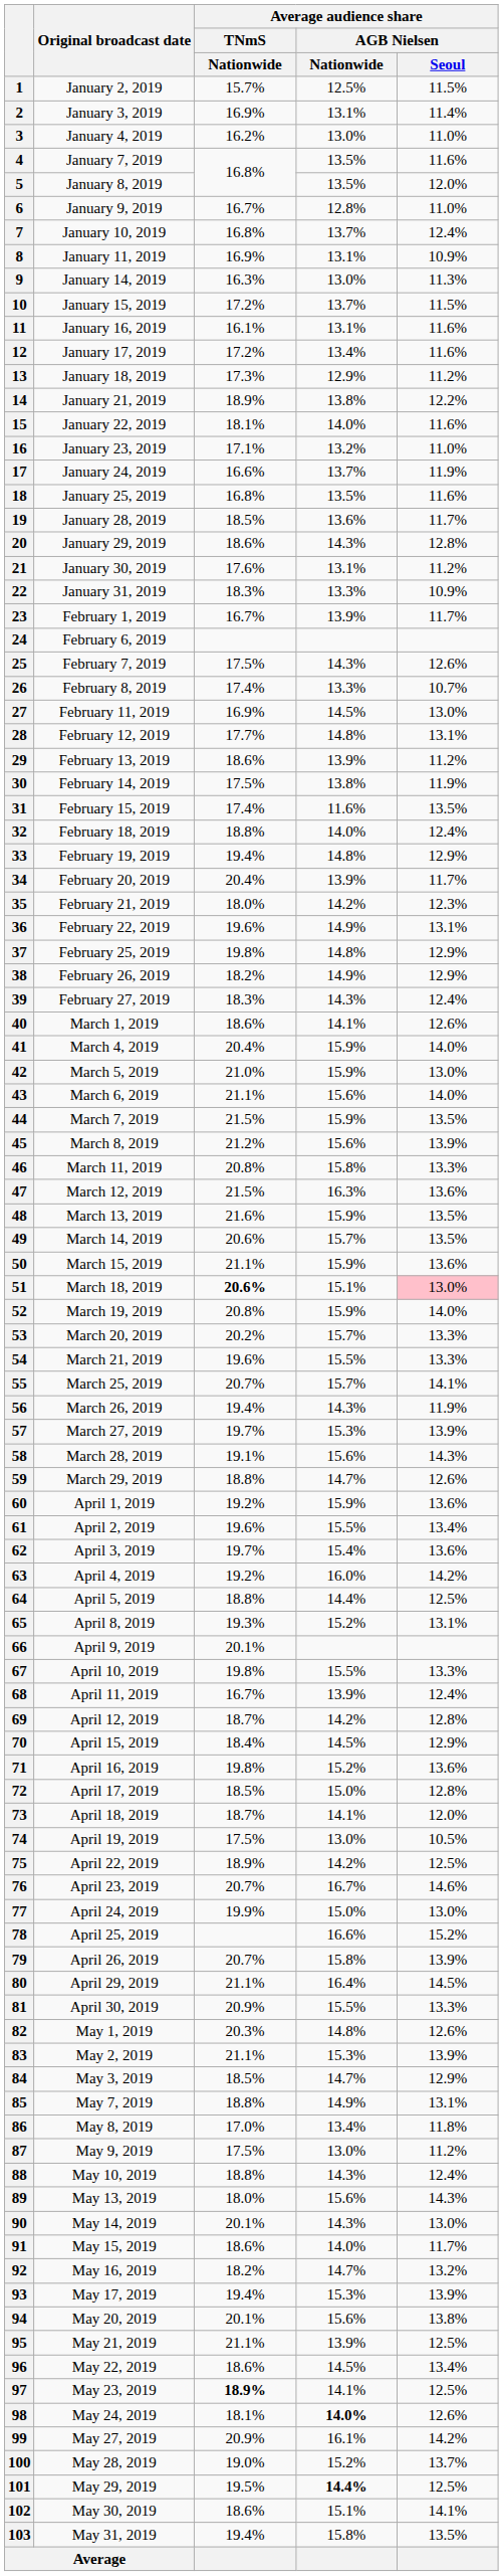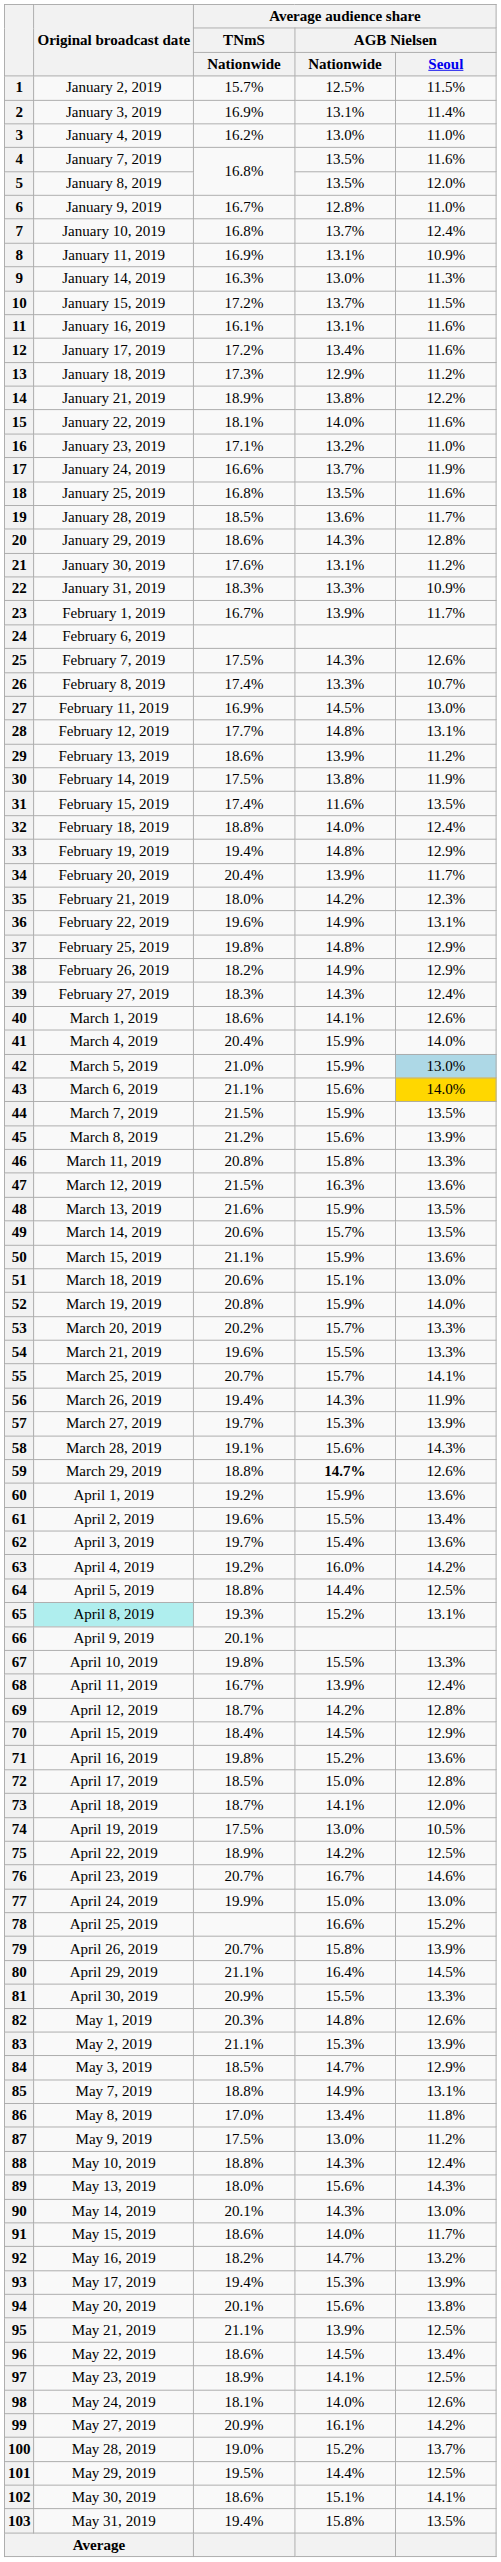 <table class="wikitable" style="text-align:center">
 <tr>
 <th rowspan="3"></th>
 <th rowspan="3">Original broadcast date</th>
 <th colspan="3">Average audience share</th>
 </tr>
 <tr>
 <th>TNmS</th>
 <th colspan="2">AGB Nielsen</th>
 </tr>
 <tr>
 <th width=100>Nationwide</th>
 <th width=100>Nationwide</th>
 <th width=100><a href='#'>Seoul</a></th>
 </tr>
 <tr>
 <th>1</th>
 <td>January 2, 2019</td>
 <td>15.7%</td>
 <td>12.5% </td>
 <td>11.5% </td>
 </tr>
 <tr>
 <th>2</th>
 <td>January 3, 2019</td>
 <td>16.9%</td>
 <td>13.1% </td>
 <td>11.4% </td>
 </tr>
 <tr>
 <th>3</th>
 <td>January 4, 2019</td>
 <td>16.2%</td>
 <td>13.0% </td>
 <td>11.0% </td>
 </tr>
 <tr>
 <th>4</th>
 <td>January 7, 2019</td>
 <td rowspan=2>16.8%</td>
 <td>13.5% </td>
 <td>11.6% </td>
 </tr>
 <tr>
 <th>5</th>
 <td>January 8, 2019</td>
 <td>13.5% </td>
 <td>12.0% </td>
 </tr>
 <tr>
 <th>6</th>
 <td>January 9, 2019</td>
 <td>16.7%</td>
 <td>12.8% </td>
 <td>11.0% </td>
 </tr>
 <tr>
 <th>7</th>
 <td>January 10, 2019</td>
 <td>16.8%</td>
 <td>13.7% </td>
 <td>12.4% </td>
 </tr>
 <tr>
 <th>8</th>
 <td>January 11, 2019</td>
 <td>16.9%</td>
 <td>13.1% </td>
 <td>10.9% </td>
 </tr>
 <tr>
 <th>9</th>
 <td>January 14, 2019</td>
 <td>16.3%</td>
 <td>13.0% </td>
 <td>11.3% </td>
 </tr>
 <tr>
 <th>10</th>
 <td>January 15, 2019</td>
 <td>17.2%</td>
 <td>13.7% </td>
 <td>11.5% </td>
 </tr>
 <tr>
 <th>11</th>
 <td>January 16, 2019</td>
 <td>16.1%</td>
 <td>13.1% </td>
 <td>11.6% </td>
 </tr>
 <tr>
 <th>12</th>
 <td>January 17, 2019</td>
 <td>17.2%</td>
 <td>13.4% </td>
 <td>11.6% </td>
 </tr>
 <tr>
 <th>13</th>
 <td>January 18, 2019</td>
 <td>17.3%</td>
 <td>12.9% </td>
 <td>11.2% </td>
 </tr>
 <tr>
 <th>14</th>
 <td>January 21, 2019</td>
 <td>18.9%</td>
 <td>13.8% </td>
 <td>12.2% </td>
 </tr>
 <tr>
 <th>15</th>
 <td>January 22, 2019</td>
 <td>18.1%</td>
 <td>14.0% </td>
 <td>11.6% </td>
 </tr>
 <tr>
 <th>16</th>
 <td>January 23, 2019</td>
 <td>17.1%</td>
 <td>13.2% </td>
 <td>11.0% </td>
 </tr>
 <tr>
 <th>17</th>
 <td>January 24, 2019</td>
 <td>16.6%</td>
 <td>13.7% </td>
 <td>11.9% </td>
 </tr>
 <tr>
 <th>18</th>
 <td>January 25, 2019</td>
 <td>16.8%</td>
 <td>13.5% </td>
 <td>11.6% </td>
 </tr>
 <tr>
 <th>19</th>
 <td>January 28, 2019</td>
 <td>18.5%</td>
 <td>13.6% </td>
 <td>11.7% </td>
 </tr>
 <tr>
 <th>20</th>
 <td>January 29, 2019</td>
 <td>18.6%</td>
 <td>14.3% </td>
 <td>12.8% </td>
 </tr>
 <tr>
 <th>21</th>
 <td>January 30, 2019</td>
 <td>17.6%</td>
 <td>13.1% </td>
 <td>11.2% </td>
 </tr>
 <tr>
 <th>22</th>
 <td>January 31, 2019</td>
 <td>18.3%</td>
 <td>13.3% </td>
 <td>10.9% </td>
 </tr>
 <tr>
 <th>23</th>
 <td>February 1, 2019</td>
 <td>16.7%</td>
 <td>13.9% </td>
 <td>11.7% </td>
 </tr>
 <tr>
 <th>24</th>
 <td>February 6, 2019</td>
 <td></td>
 <td> </td>
 <td> </td>
 </tr>
 <tr>
 <th>25</th>
 <td>February 7, 2019</td>
 <td>17.5%</td>
 <td>14.3% </td>
 <td>12.6% </td>
 </tr>
 <tr>
 <th>26</th>
 <td>February 8, 2019</td>
 <td>17.4%</td>
 <td>13.3% </td>
 <td>10.7% </td>
 </tr>
 <tr>
 <th>27</th>
 <td>February 11, 2019</td>
 <td>16.9%</td>
 <td>14.5% </td>
 <td>13.0% </td>
 </tr>
 <tr>
 <th>28</th>
 <td>February 12, 2019</td>
 <td>17.7%</td>
 <td>14.8% </td>
 <td>13.1% </td>
 </tr>
 <tr>
 <th>29</th>
 <td>February 13, 2019</td>
 <td>18.6%</td>
 <td>13.9% </td>
 <td>11.2% </td>
 </tr>
 <tr>
 <th>30</th>
 <td>February 14, 2019</td>
 <td>17.5%</td>
 <td>13.8% </td>
 <td>11.9% </td>
 </tr>
 <tr>
 <th>31</th>
 <td>February 15, 2019</td>
 <td>17.4%</td>
 <td>11.6% </td>
 <td>13.5% </td>
 </tr>
 <tr>
 <th>32</th>
 <td>February 18, 2019</td>
 <td>18.8%</td>
 <td>14.0% </td>
 <td>12.4% </td>
 </tr>
 <tr>
 <th>33</th>
 <td>February 19, 2019</td>
 <td>19.4%</td>
 <td>14.8% </td>
 <td>12.9% </td>
 </tr>
 <tr>
 <th>34</th>
 <td>February 20, 2019</td>
 <td>20.4%</td>
 <td>13.9% </td>
 <td>11.7% </td>
 </tr>
 <tr>
 <th>35</th>
 <td>February 21, 2019</td>
 <td>18.0%</td>
 <td>14.2% </td>
 <td>12.3% </td>
 </tr>
 <tr>
 <th>36</th>
 <td>February 22, 2019</td>
 <td>19.6%</td>
 <td>14.9% </td>
 <td>13.1% </td>
 </tr>
 <tr>
 <th>37</th>
 <td>February 25, 2019</td>
 <td>19.8%</td>
 <td>14.8% </td>
 <td>12.9% </td>
 </tr>
 <tr>
 <th>38</th>
 <td>February 26, 2019</td>
 <td>18.2%</td>
 <td>14.9% </td>
 <td>12.9% </td>
 </tr>
 <tr>
 <th>39</th>
 <td>February 27, 2019</td>
 <td>18.3%</td>
 <td>14.3% </td>
 <td>12.4% </td>
 </tr>
 <tr>
 <th>40</th>
 <td>March 1, 2019 </td>
 <td>18.6%</td>
 <td>14.1% </td>
 <td>12.6% </td>
 </tr>
 <tr>
 <th>41</th>
 <td>March 4, 2019</td>
 <td>20.4%</td>
 <td>15.9% </td>
 <td>14.0% </td>
 </tr>
 <tr>
 <th>42</th>
 <td>March 5, 2019</td>
 <td>21.0%</td>
 <td>15.9% </td>
-<td>13.0% </td>
+<td style="background: lightblue;">13.0% </td>
 </tr>
 <tr>
 <th>43</th>
 <td>March 6, 2019</td>
 <td>21.1%</td>
 <td>15.6% </td>
-<td>14.0% </td>
+<td style="background: gold;">14.0% </td>
 </tr>
 <tr>
 <th>44</th>
 <td>March 7, 2019</td>
 <td>21.5%</td>
 <td>15.9% </td>
 <td>13.5% </td>
 </tr>
 <tr>
 <th>45</th>
 <td>March 8, 2019</td>
 <td>21.2%</td>
 <td>15.6% </td>
 <td>13.9% </td>
 </tr>
 <tr>
 <th>46</th>
 <td>March 11, 2019</td>
 <td>20.8%</td>
 <td>15.8% </td>
 <td>13.3% </td>
 </tr>
 <tr>
 <th>47</th>
 <td>March 12, 2019</td>
 <td>21.5%</td>
 <td>16.3% </td>
 <td>13.6% </td>
 </tr>
 <tr>
 <th>48</th>
 <td>March 13, 2019</td>
 <td>21.6%</td>
 <td>15.9% </td>
 <td>13.5% </td>
 </tr>
 <tr>
 <th>49</th>
 <td>March 14, 2019</td>
 <td>20.6%</td>
 <td>15.7% </td>
 <td>13.5% </td>
 </tr>
 <tr>
 <th>50</th>
 <td>March 15, 2019</td>
 <td>21.1%</td>
 <td>15.9% </td>
 <td>13.6% </td>
 </tr>
 <tr>
 <th>51</th>
 <td>March 18, 2019</td>
-<td><strong>20.6%</strong></td>
+<td>20.6%</td>
 <td>15.1% </td>
-<td style="background: pink;">13.0% </td>
+<td>13.0% </td>
 </tr>
 <tr>
 <th>52</th>
 <td>March 19, 2019</td>
 <td>20.8%</td>
 <td>15.9% </td>
 <td>14.0% </td>
 </tr>
 <tr>
 <th>53</th>
 <td>March 20, 2019</td>
 <td>20.2%</td>
 <td>15.7% </td>
 <td>13.3% </td>
 </tr>
 <tr>
 <th>54</th>
 <td>March 21, 2019</td>
 <td>19.6%</td>
 <td>15.5% </td>
 <td>13.3% </td>
 </tr>
 <tr>
 <th>55</th>
 <td>March 25, 2019 </td>
 <td>20.7%</td>
 <td>15.7% </td>
 <td>14.1% </td>
 </tr>
 <tr>
 <th>56</th>
 <td>March 26, 2019</td>
 <td>19.4%</td>
 <td>14.3% </td>
 <td>11.9% </td>
 </tr>
 <tr>
 <th>57</th>
 <td>March 27, 2019</td>
 <td>19.7%</td>
 <td>15.3% </td>
 <td>13.9% </td>
 </tr>
 <tr>
 <th>58</th>
 <td>March 28, 2019</td>
 <td>19.1%</td>
 <td>15.6% </td>
 <td>14.3% </td>
 </tr>
 <tr>
 <th>59</th>
 <td>March 29, 2019</td>
 <td>18.8%</td>
-<td>14.7% </td>
+<td><strong>14.7% </strong></td>
 <td>12.6% </td>
 </tr>
 <tr>
 <th>60</th>
 <td>April 1, 2019</td>
 <td>19.2%</td>
 <td>15.9% </td>
 <td>13.6% </td>
 </tr>
 <tr>
 <th>61</th>
 <td>April 2, 2019</td>
 <td>19.6%</td>
 <td>15.5% </td>
 <td>13.4% </td>
 </tr>
 <tr>
 <th>62</th>
 <td>April 3, 2019</td>
 <td>19.7%</td>
 <td>15.4% </td>
 <td>13.6% </td>
 </tr>
 <tr>
 <th>63</th>
 <td>April 4, 2019</td>
 <td>19.2%</td>
 <td>16.0% </td>
 <td>14.2% </td>
 </tr>
 <tr>
 <th>64</th>
 <td>April 5, 2019</td>
 <td>18.8%</td>
 <td>14.4% </td>
 <td>12.5% </td>
 </tr>
 <tr>
 <th>65</th>
-<td>April 8, 2019</td>
+<td style="background: paleturquoise;">April 8, 2019</td>
 <td>19.3%</td>
 <td>15.2% </td>
 <td>13.1% </td>
 </tr>
 <tr>
 <th>66</th>
 <td>April 9, 2019</td>
 <td>20.1%</td>
 <td> </td>
 <td> </td>
 </tr>
 <tr>
 <th>67</th>
 <td>April 10, 2019</td>
 <td>19.8%</td>
 <td>15.5% </td>
 <td>13.3% </td>
 </tr>
 <tr>
 <th>68</th>
 <td>April 11, 2019</td>
 <td>16.7%</td>
 <td>13.9% </td>
 <td>12.4% </td>
 </tr>
 <tr>
 <th>69</th>
 <td>April 12, 2019</td>
 <td>18.7%</td>
 <td>14.2% </td>
 <td>12.8% </td>
 </tr>
 <tr>
 <th>70</th>
 <td>April 15, 2019</td>
 <td>18.4%</td>
 <td>14.5% </td>
 <td>12.9% </td>
 </tr>
 <tr>
 <th>71</th>
 <td>April 16, 2019</td>
 <td>19.8%</td>
 <td>15.2% </td>
 <td>13.6% </td>
 </tr>
 <tr>
 <th>72</th>
 <td>April 17, 2019</td>
 <td>18.5%</td>
 <td>15.0% </td>
 <td>12.8% </td>
 </tr>
 <tr>
 <th>73</th>
 <td>April 18, 2019</td>
 <td>18.7%</td>
 <td>14.1% </td>
 <td>12.0% </td>
 </tr>
 <tr>
 <th>74</th>
 <td>April 19, 2019</td>
 <td>17.5%</td>
 <td>13.0% </td>
 <td>10.5% </td>
 </tr>
 <tr>
 <th>75</th>
 <td>April 22, 2019</td>
 <td>18.9%</td>
 <td>14.2% </td>
 <td>12.5% </td>
 </tr>
 <tr>
 <th>76</th>
 <td>April 23, 2019</td>
 <td>20.7%</td>
 <td>16.7% </td>
 <td>14.6% </td>
 </tr>
 <tr>
 <th>77</th>
 <td>April 24, 2019</td>
 <td>19.9%</td>
 <td>15.0% </td>
 <td>13.0% </td>
 </tr>
 <tr>
 <th>78</th>
 <td>April 25, 2019</td>
 <td></td>
 <td>16.6% </td>
 <td>15.2% </td>
 </tr>
 <tr>
 <th>79</th>
 <td>April 26, 2019</td>
 <td>20.7%</td>
 <td>15.8% </td>
 <td>13.9% </td>
 </tr>
 <tr>
 <th>80</th>
 <td>April 29, 2019</td>
 <td>21.1%</td>
 <td>16.4% </td>
 <td>14.5% </td>
 </tr>
 <tr>
 <th>81</th>
 <td>April 30, 2019</td>
 <td>20.9%</td>
 <td>15.5% </td>
 <td>13.3% </td>
 </tr>
 <tr>
 <th>82</th>
 <td>May 1, 2019</td>
 <td>20.3%</td>
 <td>14.8% </td>
 <td>12.6% </td>
 </tr>
 <tr>
 <th>83</th>
 <td>May 2, 2019</td>
 <td>21.1%</td>
 <td>15.3% </td>
 <td>13.9% </td>
 </tr>
 <tr>
 <th>84</th>
 <td>May 3, 2019</td>
 <td>18.5%</td>
 <td>14.7% </td>
 <td>12.9% </td>
 </tr>
 <tr>
 <th>85</th>
 <td>May 7, 2019</td>
 <td>18.8%</td>
 <td>14.9% </td>
 <td>13.1% </td>
 </tr>
 <tr>
 <th>86</th>
 <td>May 8, 2019</td>
 <td>17.0%</td>
 <td>13.4% </td>
 <td>11.8% </td>
 </tr>
 <tr>
 <th>87</th>
 <td>May 9, 2019</td>
 <td>17.5%</td>
 <td>13.0% </td>
 <td>11.2% </td>
 </tr>
 <tr>
 <th>88</th>
 <td>May 10, 2019</td>
 <td>18.8%</td>
 <td>14.3% </td>
 <td>12.4% </td>
 </tr>
 <tr>
 <th>89</th>
 <td>May 13, 2019</td>
 <td>18.0%</td>
 <td>15.6% </td>
 <td>14.3% </td>
 </tr>
 <tr>
 <th>90</th>
 <td>May 14, 2019</td>
 <td>20.1%</td>
 <td>14.3% </td>
 <td>13.0% </td>
 </tr>
 <tr>
 <th>91</th>
 <td>May 15, 2019</td>
 <td>18.6%</td>
 <td>14.0% </td>
 <td>11.7% </td>
 </tr>
 <tr>
 <th>92</th>
 <td>May 16, 2019</td>
 <td>18.2%</td>
 <td>14.7% </td>
 <td>13.2% </td>
 </tr>
 <tr>
 <th>93</th>
 <td>May 17, 2019</td>
 <td>19.4%</td>
 <td>15.3% </td>
 <td>13.9% </td>
 </tr>
 <tr>
 <th>94</th>
 <td>May 20, 2019</td>
 <td>20.1%</td>
 <td>15.6% </td>
 <td>13.8% </td>
 </tr>
 <tr>
 <th>95</th>
 <td>May 21, 2019</td>
 <td>21.1%</td>
 <td>13.9% </td>
 <td>12.5% </td>
 </tr>
 <tr>
 <th>96</th>
 <td>May 22, 2019</td>
 <td>18.6%</td>
 <td>14.5% </td>
 <td>13.4% </td>
 </tr>
 <tr>
 <th>97</th>
 <td>May 23, 2019</td>
-<td><strong>18.9%</strong></td>
+<td>18.9%</td>
 <td>14.1% </td>
 <td>12.5% </td>
 </tr>
 <tr>
 <th>98</th>
 <td>May 24, 2019</td>
 <td>18.1%</td>
-<td><strong>14.0% </strong></td>
+<td>14.0% </td>
 <td>12.6% </td>
 </tr>
 <tr>
 <th>99</th>
 <td>May 27, 2019</td>
 <td>20.9%</td>
 <td>16.1% </td>
 <td>14.2% </td>
 </tr>
 <tr>
 <th>100</th>
 <td>May 28, 2019</td>
 <td>19.0%</td>
 <td>15.2% </td>
 <td>13.7% </td>
 </tr>
 <tr>
 <th>101</th>
 <td>May 29, 2019</td>
 <td>19.5%</td>
-<td><strong>14.4% </strong></td>
+<td>14.4% </td>
 <td>12.5% </td>
 </tr>
 <tr>
 <th>102</th>
 <td>May 30, 2019</td>
 <td>18.6%</td>
 <td>15.1% </td>
 <td>14.1% </td>
 </tr>
 <tr>
 <th>103</th>
 <td>May 31, 2019</td>
 <td>19.4%</td>
 <td>15.8% </td>
 <td>13.5% </td>
 </tr>
 <tr>
 <th colspan="2">Average</th>
 <th></th>
 <th></th>
 <th></th>
 </tr>
 </table>
